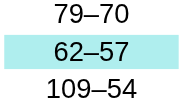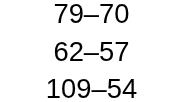 <table style="text-align:center">
 <tr>
 <th width=200></th>
 <th width=100></th>
 <th width=200></th>
 <th></th>
 </tr>
 <tr>
 <td align=right><strong></strong></td>
 <td>79–70</td>
 <td align=left></td>
 </tr>
 <tr>
 <td align=right><strong></strong></td>
-<td style="background: paleturquoise;">62–57</td>
+<td>62–57</td>
 <td align=left></td>
 </tr>
 <tr>
 <td align=right><strong></strong></td>
 <td>109–54</td>
 <td align=left></td>
 </tr>
 </table>
